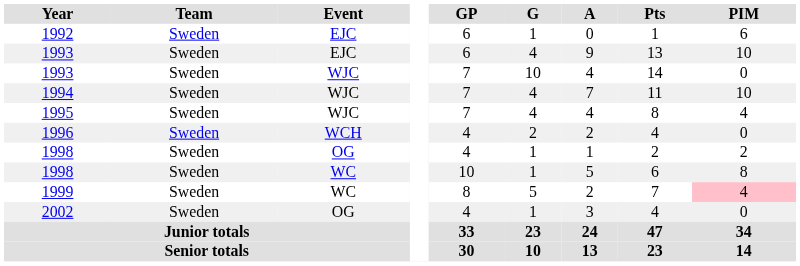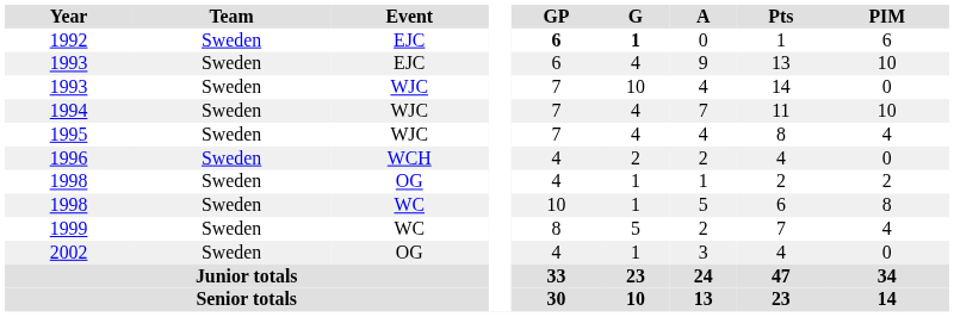 <table border="0" cellpadding="1" cellspacing="0" style="text-align:center; width:50em">
 <tr ALIGN="center" bgcolor="#e0e0e0">
 <th>Year</th>
 <th>Team</th>
 <th>Event</th>
 <th rowspan="99" bgcolor="#ffffff"> </th>
 <th>GP</th>
 <th>G</th>
 <th>A</th>
 <th>Pts</th>
 <th>PIM</th>
 </tr>
 <tr>
 <td><a href='#'>1992</a></td>
 <td><a href='#'>Sweden</a></td>
 <td><a href='#'>EJC</a></td>
-<td>6</td>
-<td>1</td>
+<td><strong>6</strong></td>
+<td><strong>1</strong></td>
 <td>0</td>
 <td>1</td>
 <td>6</td>
 </tr>
 <tr bgcolor="#f0f0f0">
 <td><a href='#'>1993</a></td>
 <td>Sweden</td>
 <td>EJC</td>
 <td>6</td>
 <td>4</td>
 <td>9</td>
 <td>13</td>
 <td>10</td>
 </tr>
 <tr>
 <td><a href='#'>1993</a></td>
 <td>Sweden</td>
 <td><a href='#'>WJC</a></td>
 <td>7</td>
 <td>10</td>
 <td>4</td>
 <td>14</td>
 <td>0</td>
 </tr>
 <tr bgcolor="#f0f0f0">
 <td><a href='#'>1994</a></td>
 <td>Sweden</td>
 <td>WJC</td>
 <td>7</td>
 <td>4</td>
 <td>7</td>
 <td>11</td>
 <td>10</td>
 </tr>
 <tr>
 <td><a href='#'>1995</a></td>
 <td>Sweden</td>
 <td>WJC</td>
 <td>7</td>
 <td>4</td>
 <td>4</td>
 <td>8</td>
 <td>4</td>
 </tr>
 <tr bgcolor="#f0f0f0">
 <td><a href='#'>1996</a></td>
 <td><a href='#'>Sweden</a></td>
 <td><a href='#'>WCH</a></td>
 <td>4</td>
 <td>2</td>
 <td>2</td>
 <td>4</td>
 <td>0</td>
 </tr>
 <tr>
 <td><a href='#'>1998</a></td>
 <td>Sweden</td>
 <td><a href='#'>OG</a></td>
 <td>4</td>
 <td>1</td>
 <td>1</td>
 <td>2</td>
 <td>2</td>
 </tr>
 <tr bgcolor="#f0f0f0">
 <td><a href='#'>1998</a></td>
 <td>Sweden</td>
 <td><a href='#'>WC</a></td>
 <td>10</td>
 <td>1</td>
 <td>5</td>
 <td>6</td>
 <td>8</td>
 </tr>
 <tr>
 <td><a href='#'>1999</a></td>
 <td>Sweden</td>
 <td>WC</td>
 <td>8</td>
 <td>5</td>
 <td>2</td>
 <td>7</td>
-<td style="background: pink;">4</td>
+<td>4</td>
 </tr>
 <tr bgcolor="#f0f0f0">
 <td><a href='#'>2002</a></td>
 <td>Sweden</td>
 <td>OG</td>
 <td>4</td>
 <td>1</td>
 <td>3</td>
 <td>4</td>
 <td>0</td>
 </tr>
 <tr bgcolor="#e0e0e0">
 <th colspan="3">Junior totals</th>
 <th>33</th>
 <th>23</th>
 <th>24</th>
 <th>47</th>
 <th>34</th>
 </tr>
 <tr bgcolor="#e0e0e0">
 <th colspan="3">Senior totals</th>
 <th>30</th>
 <th>10</th>
 <th>13</th>
 <th>23</th>
 <th>14</th>
 </tr>
 </table>
